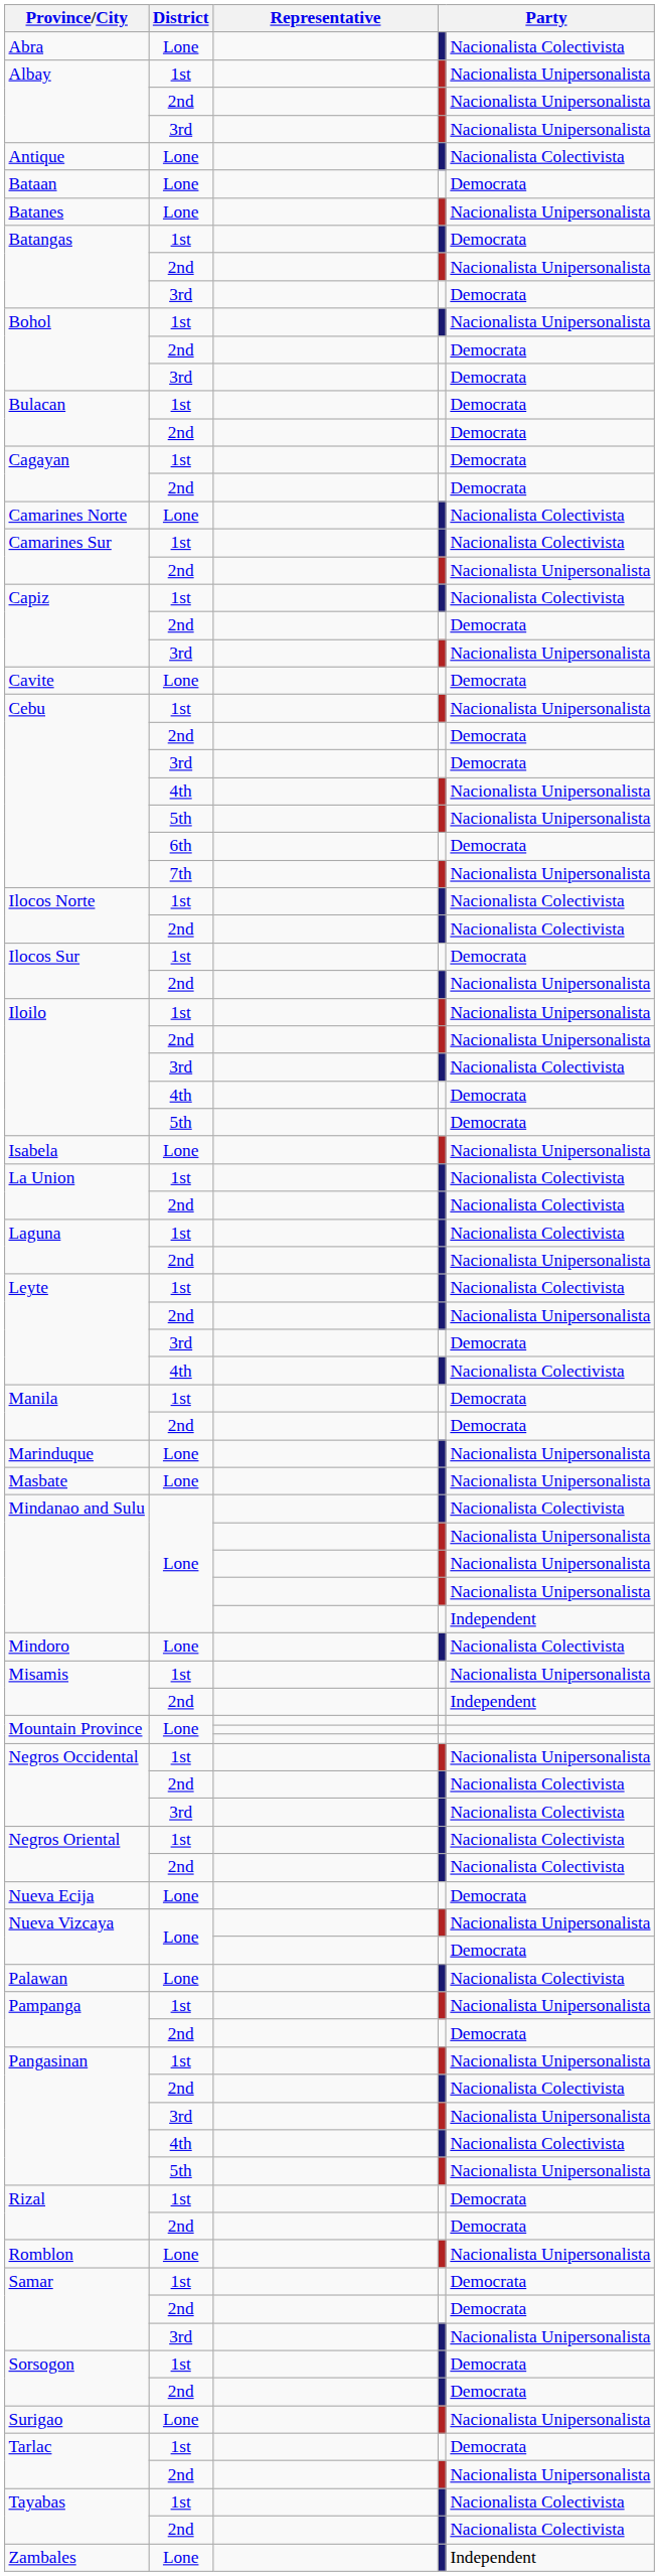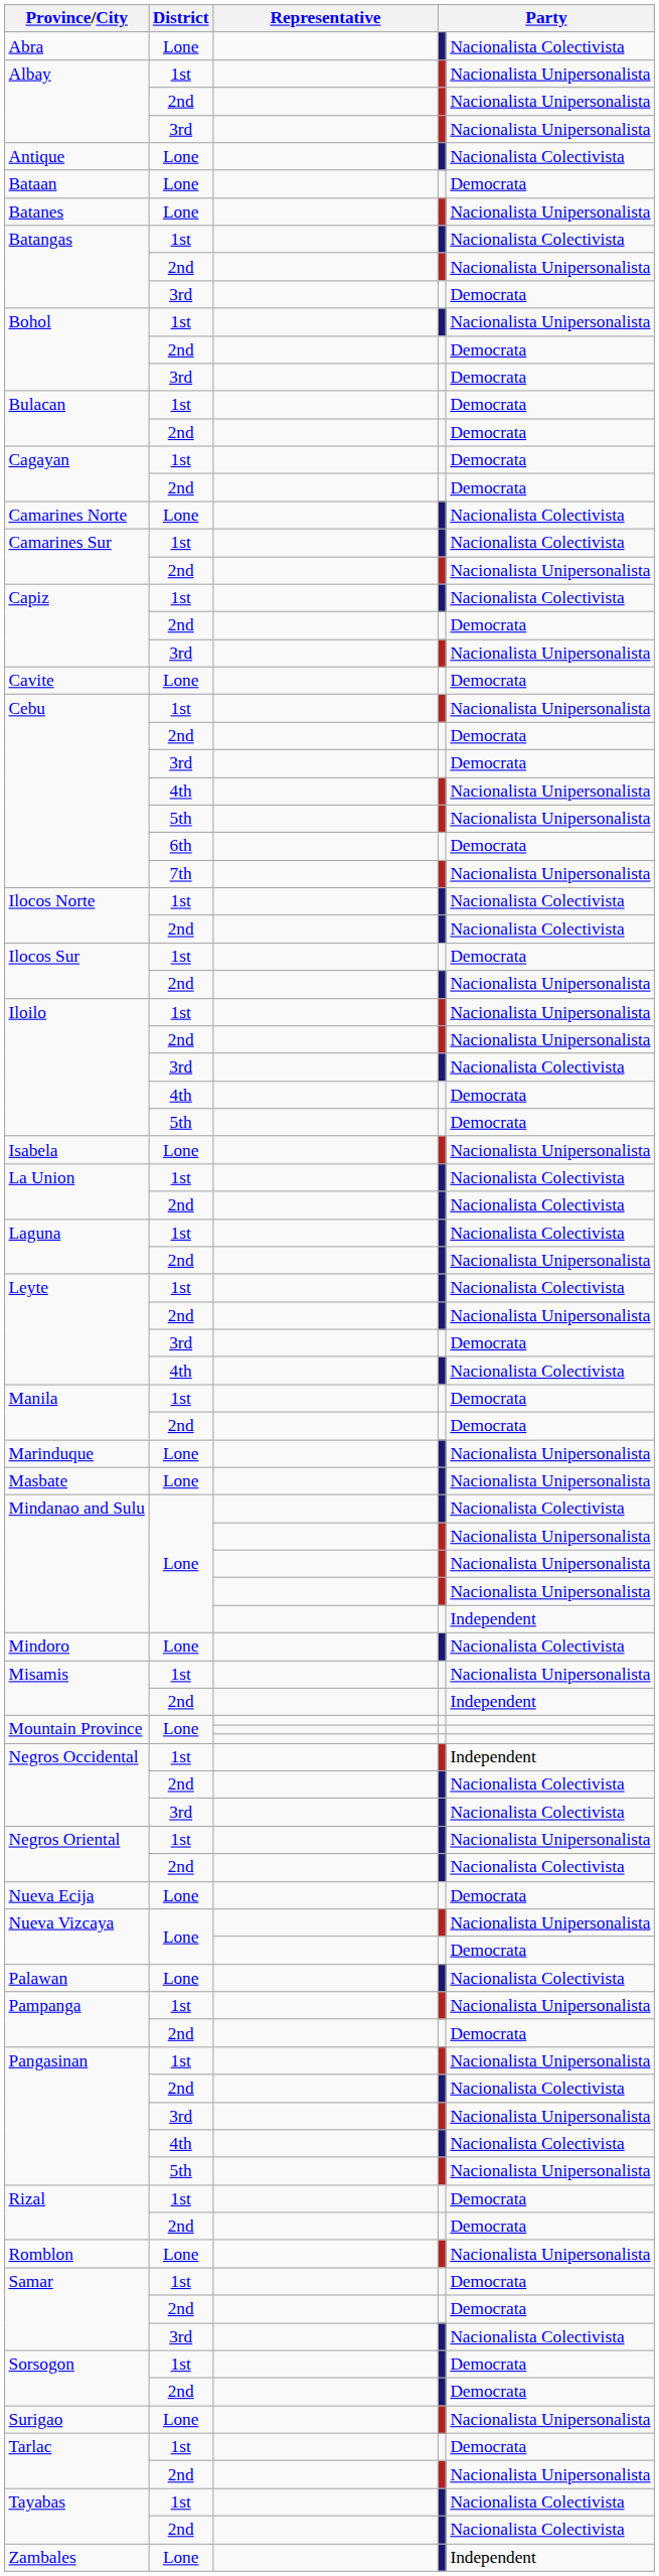 <table class="wikitable sortable">
 <tr>
 <th><a href='#'>Province</a>/<a href='#'>City</a></th>
 <th><a href='#'>District</a></th>
 <th width="200px"><a href='#'>Representative</a></th>
 <th colspan="2"><a href='#'>Party</a></th>
 </tr>
 <tr>
 <td valign="top"><a href='#'>Abra</a></td>
 <td align="center"><a href='#'>Lone</a></td>
 <td></td>
 <td bgcolor="#191970"></td>
 <td><a href='#'>Nacionalista Colectivista</a></td>
 </tr>
 <tr>
 <td rowspan="3" valign="top"><a href='#'>Albay</a></td>
 <td align="center"><a href='#'>1st</a></td>
 <td></td>
 <td bgcolor="#B22222"></td>
 <td><a href='#'>Nacionalista Unipersonalista</a></td>
 </tr>
 <tr>
 <td align="center"><a href='#'>2nd</a></td>
 <td></td>
 <td bgcolor="#B22222"></td>
 <td><a href='#'>Nacionalista Unipersonalista</a></td>
 </tr>
 <tr>
 <td align="center"><a href='#'>3rd</a></td>
 <td></td>
 <td bgcolor="#B22222"></td>
 <td><a href='#'>Nacionalista Unipersonalista</a></td>
 </tr>
 <tr>
 <td><a href='#'>Antique</a></td>
 <td align="center"><a href='#'>Lone</a></td>
 <td></td>
 <td bgcolor="#191970"></td>
 <td><a href='#'>Nacionalista Colectivista</a></td>
 </tr>
 <tr>
 <td valign="top"><a href='#'>Bataan</a></td>
 <td align="center"><a href='#'>Lone</a></td>
 <td></td>
 <td></td>
 <td><a href='#'>Democrata</a></td>
 </tr>
 <tr>
 <td valign="top"><a href='#'>Batanes</a></td>
 <td align="center"><a href='#'>Lone</a></td>
 <td></td>
 <td bgcolor="#B22222"></td>
 <td><a href='#'>Nacionalista Unipersonalista</a></td>
 </tr>
 <tr>
 <td rowspan="3" valign="top"><a href='#'>Batangas</a></td>
 <td align="center"><a href='#'>1st</a></td>
 <td></td>
 <td bgcolor="#191970"></td>
-<td><a href='#'>Democrata</a></td>
+<td><a href='#'>Nacionalista Colectivista</a></td>
 </tr>
 <tr>
 <td align="center"><a href='#'>2nd</a></td>
 <td></td>
 <td bgcolor="#B22222"></td>
 <td><a href='#'>Nacionalista Unipersonalista</a></td>
 </tr>
 <tr>
 <td align="center"><a href='#'>3rd</a></td>
 <td></td>
 <td></td>
 <td><a href='#'>Democrata</a></td>
 </tr>
 <tr>
 <td rowspan="3" valign="top"><a href='#'>Bohol</a></td>
 <td align="center"><a href='#'>1st</a></td>
 <td></td>
 <td bgcolor="#191970"></td>
 <td><a href='#'>Nacionalista Unipersonalista</a></td>
 </tr>
 <tr>
 <td align="center"><a href='#'>2nd</a></td>
 <td></td>
 <td></td>
 <td><a href='#'>Democrata</a></td>
 </tr>
 <tr>
 <td align="center"><a href='#'>3rd</a></td>
 <td></td>
 <td></td>
 <td><a href='#'>Democrata</a></td>
 </tr>
 <tr>
 <td rowspan="2" valign="top"><a href='#'>Bulacan</a></td>
 <td align="center"><a href='#'>1st</a></td>
 <td></td>
 <td></td>
 <td><a href='#'>Democrata</a></td>
 </tr>
 <tr>
 <td align="center"><a href='#'>2nd</a></td>
 <td></td>
 <td></td>
 <td><a href='#'>Democrata</a></td>
 </tr>
 <tr>
 <td rowspan="2" valign="top"><a href='#'>Cagayan</a></td>
 <td align="center"><a href='#'>1st</a></td>
 <td></td>
 <td></td>
 <td><a href='#'>Democrata</a></td>
 </tr>
 <tr>
 <td align="center"><a href='#'>2nd</a></td>
 <td></td>
 <td></td>
 <td><a href='#'>Democrata</a></td>
 </tr>
 <tr>
 <td valign="top"><a href='#'>Camarines Norte</a></td>
 <td align="center"><a href='#'>Lone</a></td>
 <td></td>
 <td bgcolor="#191970"></td>
 <td><a href='#'>Nacionalista Colectivista</a></td>
 </tr>
 <tr>
 <td rowspan="2"  valign="top"><a href='#'>Camarines Sur</a></td>
 <td align="center"><a href='#'>1st</a></td>
 <td></td>
 <td bgcolor="#191970"></td>
 <td><a href='#'>Nacionalista Colectivista</a></td>
 </tr>
 <tr>
 <td align="center"><a href='#'>2nd</a></td>
 <td></td>
 <td bgcolor="#B22222"></td>
 <td><a href='#'>Nacionalista Unipersonalista</a></td>
 </tr>
 <tr>
 <td rowspan="3" valign="top"><a href='#'>Capiz</a></td>
 <td align="center"><a href='#'>1st</a></td>
 <td></td>
 <td bgcolor="#191970"></td>
 <td><a href='#'>Nacionalista Colectivista</a></td>
 </tr>
 <tr>
 <td align="center"><a href='#'>2nd</a></td>
 <td></td>
 <td></td>
 <td><a href='#'>Democrata</a></td>
 </tr>
 <tr>
 <td align="center"><a href='#'>3rd</a></td>
 <td></td>
 <td bgcolor="#B22222"></td>
 <td><a href='#'>Nacionalista Unipersonalista</a></td>
 </tr>
 <tr>
 <td valign="top"><a href='#'>Cavite</a></td>
 <td align="center"><a href='#'>Lone</a></td>
 <td></td>
 <td></td>
 <td><a href='#'>Democrata</a></td>
 </tr>
 <tr>
 <td rowspan="7" valign="top"><a href='#'>Cebu</a></td>
 <td align="center"><a href='#'>1st</a></td>
 <td></td>
 <td bgcolor="#B22222"></td>
 <td><a href='#'>Nacionalista Unipersonalista</a></td>
 </tr>
 <tr>
 <td align="center"><a href='#'>2nd</a></td>
 <td></td>
 <td></td>
 <td><a href='#'>Democrata</a></td>
 </tr>
 <tr>
 <td align="center"><a href='#'>3rd</a></td>
 <td></td>
 <td></td>
 <td><a href='#'>Democrata</a></td>
 </tr>
 <tr>
 <td align="center"><a href='#'>4th</a></td>
 <td></td>
 <td bgcolor="#B22222"></td>
 <td><a href='#'>Nacionalista Unipersonalista</a></td>
 </tr>
 <tr>
 <td align="center"><a href='#'>5th</a></td>
 <td></td>
 <td bgcolor="#B22222"></td>
 <td><a href='#'>Nacionalista Unipersonalista</a></td>
 </tr>
 <tr>
 <td align="center"><a href='#'>6th</a></td>
 <td></td>
 <td></td>
 <td><a href='#'>Democrata</a></td>
 </tr>
 <tr>
 <td align="center"><a href='#'>7th</a></td>
 <td></td>
 <td bgcolor="#B22222"></td>
 <td><a href='#'>Nacionalista Unipersonalista</a></td>
 </tr>
 <tr>
 <td rowspan="2" valign="top"><a href='#'>Ilocos Norte</a></td>
 <td align="center"><a href='#'>1st</a></td>
 <td></td>
 <td bgcolor="#191970"></td>
 <td><a href='#'>Nacionalista Colectivista</a></td>
 </tr>
 <tr>
 <td align="center"><a href='#'>2nd</a></td>
 <td></td>
 <td bgcolor="#191970"></td>
 <td><a href='#'>Nacionalista Colectivista</a></td>
 </tr>
 <tr>
 <td rowspan="2" valign="top"><a href='#'>Ilocos Sur</a></td>
 <td align="center"><a href='#'>1st</a></td>
 <td></td>
 <td></td>
 <td><a href='#'>Democrata</a></td>
 </tr>
 <tr>
 <td align="center"><a href='#'>2nd</a></td>
 <td></td>
 <td bgcolor="#191970"></td>
 <td><a href='#'>Nacionalista Unipersonalista</a></td>
 </tr>
 <tr>
 <td rowspan="5" valign="top"><a href='#'>Iloilo</a></td>
 <td align="center"><a href='#'>1st</a></td>
 <td></td>
 <td bgcolor="#B22222"></td>
 <td><a href='#'>Nacionalista Unipersonalista</a></td>
 </tr>
 <tr>
 <td align="center"><a href='#'>2nd</a></td>
 <td></td>
 <td bgcolor="#B22222"></td>
 <td><a href='#'>Nacionalista Unipersonalista</a></td>
 </tr>
 <tr>
 <td align="center"><a href='#'>3rd</a></td>
 <td></td>
 <td bgcolor="#191970"></td>
 <td><a href='#'>Nacionalista Colectivista</a></td>
 </tr>
 <tr>
 <td align="center"><a href='#'>4th</a></td>
 <td></td>
 <td></td>
 <td><a href='#'>Democrata</a></td>
 </tr>
 <tr>
 <td align="center"><a href='#'>5th</a></td>
 <td></td>
 <td></td>
 <td><a href='#'>Democrata</a></td>
 </tr>
 <tr>
 <td valign="top"><a href='#'>Isabela</a></td>
 <td align="center"><a href='#'>Lone</a></td>
 <td></td>
 <td bgcolor="#B22222"></td>
 <td><a href='#'>Nacionalista Unipersonalista</a></td>
 </tr>
 <tr>
 <td rowspan="2" valign="top"><a href='#'>La Union</a></td>
 <td align="center"><a href='#'>1st</a></td>
 <td></td>
 <td bgcolor="#191970"></td>
 <td><a href='#'>Nacionalista Colectivista</a></td>
 </tr>
 <tr>
 <td align="center"><a href='#'>2nd</a></td>
 <td></td>
 <td bgcolor="#191970"></td>
 <td><a href='#'>Nacionalista Colectivista</a></td>
 </tr>
 <tr>
 <td rowspan="2" valign="top"><a href='#'>Laguna</a></td>
 <td align="center"><a href='#'>1st</a></td>
 <td></td>
 <td bgcolor="#191970"></td>
 <td><a href='#'>Nacionalista Colectivista</a></td>
 </tr>
 <tr>
 <td align="center"><a href='#'>2nd</a></td>
 <td></td>
 <td bgcolor="#191970"></td>
 <td><a href='#'>Nacionalista Unipersonalista</a></td>
 </tr>
 <tr>
 <td rowspan="4" valign="top"><a href='#'>Leyte</a></td>
 <td align="center"><a href='#'>1st</a></td>
 <td></td>
 <td bgcolor="#191970"></td>
 <td><a href='#'>Nacionalista Colectivista</a></td>
 </tr>
 <tr>
 <td align="center"><a href='#'>2nd</a></td>
 <td></td>
 <td bgcolor="#191970"></td>
 <td><a href='#'>Nacionalista Unipersonalista</a></td>
 </tr>
 <tr>
 <td align="center"><a href='#'>3rd</a></td>
 <td></td>
 <td></td>
 <td><a href='#'>Democrata</a></td>
 </tr>
 <tr>
 <td align="center"><a href='#'>4th</a></td>
 <td></td>
 <td bgcolor="#191970"></td>
 <td><a href='#'>Nacionalista Colectivista</a></td>
 </tr>
 <tr>
 <td rowspan="2" valign="top"><a href='#'>Manila</a></td>
 <td align="center"><a href='#'>1st</a></td>
 <td></td>
 <td></td>
 <td><a href='#'>Democrata</a></td>
 </tr>
 <tr>
 <td align="center"><a href='#'>2nd</a></td>
 <td></td>
 <td></td>
 <td><a href='#'>Democrata</a></td>
 </tr>
 <tr>
 <td valign="top"><a href='#'>Marinduque</a></td>
 <td align="center"><a href='#'>Lone</a></td>
 <td></td>
 <td bgcolor="#191970"></td>
 <td><a href='#'>Nacionalista Unipersonalista</a></td>
 </tr>
 <tr>
 <td valign="top"><a href='#'>Masbate</a></td>
 <td align="center"><a href='#'>Lone</a></td>
 <td></td>
 <td bgcolor="#191970"></td>
 <td><a href='#'>Nacionalista Unipersonalista</a></td>
 </tr>
 <tr>
 <td rowspan="5" valign="top"><a href='#'>Mindanao and Sulu</a></td>
 <td rowspan="5" align="center"><a href='#'>Lone</a></td>
 <td></td>
 <td bgcolor="#191970"></td>
 <td><a href='#'>Nacionalista Colectivista</a></td>
 </tr>
 <tr>
 <td></td>
 <td bgcolor="#B22222"></td>
 <td><a href='#'>Nacionalista Unipersonalista</a></td>
 </tr>
 <tr>
 <td></td>
 <td bgcolor="#B22222"></td>
 <td><a href='#'>Nacionalista Unipersonalista</a></td>
 </tr>
 <tr>
 <td></td>
 <td bgcolor="#B22222"></td>
 <td><a href='#'>Nacionalista Unipersonalista</a></td>
 </tr>
 <tr>
 <td></td>
 <td></td>
 <td><a href='#'>Independent</a></td>
 </tr>
 <tr>
 <td valign="top"><a href='#'>Mindoro</a></td>
 <td align="center"><a href='#'>Lone</a></td>
 <td></td>
 <td bgcolor="#191970"></td>
 <td><a href='#'>Nacionalista Colectivista</a></td>
 </tr>
 <tr>
 <td rowspan="2" valign="top"><a href='#'>Misamis</a></td>
 <td align="center"><a href='#'>1st</a></td>
 <td></td>
 <td></td>
 <td><a href='#'>Nacionalista Unipersonalista</a></td>
 </tr>
 <tr>
 <td align="center"><a href='#'>2nd</a></td>
 <td></td>
 <td></td>
 <td><a href='#'>Independent</a></td>
 </tr>
 <tr>
 <td rowspan="3"  valign="top"><a href='#'>Mountain Province</a></td>
 <td rowspan="3"  align="center"><a href='#'>Lone</a></td>
 <td></td>
 <td></td>
 <td></td>
 </tr>
 <tr>
 <td></td>
 <td></td>
 <td></td>
 </tr>
 <tr>
 <td></td>
 <td></td>
 <td></td>
 </tr>
 <tr>
 <td rowspan="3" valign="top"><a href='#'>Negros Occidental</a></td>
 <td align="center"><a href='#'>1st</a></td>
 <td></td>
 <td bgcolor="#B22222"></td>
-<td><a href='#'>Nacionalista Unipersonalista</a></td>
+<td>Independent</td>
 </tr>
 <tr>
 <td align="center"><a href='#'>2nd</a></td>
 <td></td>
 <td bgcolor="#191970"></td>
 <td><a href='#'>Nacionalista Colectivista</a></td>
 </tr>
 <tr>
 <td align="center"><a href='#'>3rd</a></td>
 <td></td>
 <td bgcolor="#191970"></td>
 <td><a href='#'>Nacionalista Colectivista</a></td>
 </tr>
 <tr>
 <td rowspan="2" valign="top"><a href='#'>Negros Oriental</a></td>
 <td align="center"><a href='#'>1st</a></td>
 <td></td>
 <td bgcolor="#191970"></td>
-<td><a href='#'>Nacionalista Colectivista</a></td>
+<td><a href='#'>Nacionalista Unipersonalista</a></td>
 </tr>
 <tr>
 <td align="center"><a href='#'>2nd</a></td>
 <td></td>
 <td bgcolor="#191970"></td>
 <td><a href='#'>Nacionalista Colectivista</a></td>
 </tr>
 <tr>
 <td valign="top"><a href='#'>Nueva Ecija</a></td>
 <td align="center"><a href='#'>Lone</a></td>
 <td></td>
 <td></td>
 <td><a href='#'>Democrata</a></td>
 </tr>
 <tr>
 <td rowspan="2" valign="top"><a href='#'>Nueva Vizcaya</a></td>
 <td rowspan="2" align="center"><a href='#'>Lone</a></td>
 <td></td>
 <td bgcolor="#B22222"></td>
 <td><a href='#'>Nacionalista Unipersonalista</a></td>
 </tr>
 <tr>
 <td></td>
 <td></td>
 <td><a href='#'>Democrata</a></td>
 </tr>
 <tr>
 <td valign="top"><a href='#'>Palawan</a></td>
 <td align="center"><a href='#'>Lone</a></td>
 <td></td>
 <td bgcolor="#191970"></td>
 <td><a href='#'>Nacionalista Colectivista</a></td>
 </tr>
 <tr>
 <td rowspan="2" valign="top"><a href='#'>Pampanga</a></td>
 <td align="center"><a href='#'>1st</a></td>
 <td></td>
 <td bgcolor="#B22222"></td>
 <td><a href='#'>Nacionalista Unipersonalista</a></td>
 </tr>
 <tr>
 <td align="center"><a href='#'>2nd</a></td>
 <td></td>
 <td></td>
 <td><a href='#'>Democrata</a></td>
 </tr>
 <tr>
 <td rowspan="5" valign="top"><a href='#'>Pangasinan</a></td>
 <td align="center"><a href='#'>1st</a></td>
 <td></td>
 <td bgcolor="#B22222"></td>
 <td><a href='#'>Nacionalista Unipersonalista</a></td>
 </tr>
 <tr>
 <td align="center"><a href='#'>2nd</a></td>
 <td></td>
 <td bgcolor="#191970"></td>
 <td><a href='#'>Nacionalista Colectivista</a></td>
 </tr>
 <tr>
 <td align="center"><a href='#'>3rd</a></td>
 <td></td>
 <td bgcolor="#B22222"></td>
 <td><a href='#'>Nacionalista Unipersonalista</a></td>
 </tr>
 <tr>
 <td align="center"><a href='#'>4th</a></td>
 <td></td>
 <td bgcolor="#191970"></td>
 <td><a href='#'>Nacionalista Colectivista</a></td>
 </tr>
 <tr>
 <td align="center"><a href='#'>5th</a></td>
 <td></td>
 <td bgcolor="#B22222"></td>
 <td><a href='#'>Nacionalista Unipersonalista</a></td>
 </tr>
 <tr>
 <td rowspan="2" valign="top"><a href='#'>Rizal</a></td>
 <td align="center"><a href='#'>1st</a></td>
 <td></td>
 <td></td>
 <td><a href='#'>Democrata</a></td>
 </tr>
 <tr>
 <td align="center"><a href='#'>2nd</a></td>
 <td></td>
 <td></td>
 <td><a href='#'>Democrata</a></td>
 </tr>
 <tr>
 <td valign="top"><a href='#'>Romblon</a></td>
 <td align="center"><a href='#'>Lone</a></td>
 <td></td>
 <td bgcolor="#B22222"></td>
 <td><a href='#'>Nacionalista Unipersonalista</a></td>
 </tr>
 <tr>
 <td rowspan="3" valign="top"><a href='#'>Samar</a></td>
 <td align="center"><a href='#'>1st</a></td>
 <td></td>
 <td></td>
 <td><a href='#'>Democrata</a></td>
 </tr>
 <tr>
 <td align="center"><a href='#'>2nd</a></td>
 <td></td>
 <td></td>
 <td><a href='#'>Democrata</a></td>
 </tr>
 <tr>
 <td align="center"><a href='#'>3rd</a></td>
 <td></td>
 <td bgcolor="#191970"></td>
-<td><a href='#'>Nacionalista Unipersonalista</a></td>
+<td><a href='#'>Nacionalista Colectivista</a></td>
 </tr>
 <tr>
 <td rowspan="2" valign="top"><a href='#'>Sorsogon</a></td>
 <td align="center"><a href='#'>1st</a></td>
 <td></td>
 <td bgcolor="#191970"></td>
 <td><a href='#'>Democrata</a></td>
 </tr>
 <tr>
 <td align="center"><a href='#'>2nd</a></td>
 <td></td>
 <td bgcolor="#191970"></td>
 <td><a href='#'>Democrata</a></td>
 </tr>
 <tr>
 <td valign="top"><a href='#'>Surigao</a></td>
 <td align="center"><a href='#'>Lone</a></td>
 <td></td>
 <td bgcolor="#B22222"></td>
 <td><a href='#'>Nacionalista Unipersonalista</a></td>
 </tr>
 <tr>
 <td rowspan="2" valign="top"><a href='#'>Tarlac</a></td>
 <td align="center"><a href='#'>1st</a></td>
 <td></td>
 <td></td>
 <td><a href='#'>Democrata</a></td>
 </tr>
 <tr>
 <td align="center"><a href='#'>2nd</a></td>
 <td></td>
 <td bgcolor="#B22222"></td>
 <td><a href='#'>Nacionalista Unipersonalista</a></td>
 </tr>
 <tr>
 <td rowspan="2" valign="top"><a href='#'>Tayabas</a></td>
 <td align="center"><a href='#'>1st</a></td>
 <td></td>
 <td bgcolor="#191970"></td>
 <td><a href='#'>Nacionalista Colectivista</a></td>
 </tr>
 <tr>
 <td align="center"><a href='#'>2nd</a></td>
 <td></td>
 <td bgcolor="#191970"></td>
 <td><a href='#'>Nacionalista Colectivista</a></td>
 </tr>
 <tr>
 <td valign="top"><a href='#'>Zambales</a></td>
 <td align="center"><a href='#'>Lone</a></td>
 <td></td>
 <td bgcolor="#191970"></td>
 <td>Independent</td>
 </tr>
 </table>
